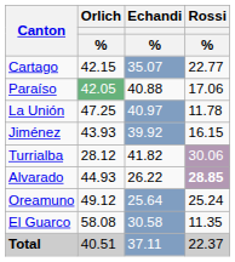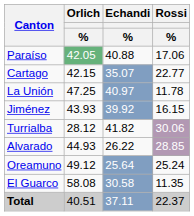 <table class="wikitable mw-collapsible mw-collapsed">
 <tr>
 <th rowspan="3"><a href='#'>Canton</a></th>
 <th colspan="1" width="40px">Orlich</th>
 <th colspan="1" width="40px">Echandi</th>
 <th colspan="1" width="40px">Rossi</th>
 </tr>
 <tr>
 <th style="background:"></th>
 <th style="background:"></th>
 <th style="background:"></th>
 </tr>
 <tr>
 <th data-sort-type="number">%</th>
 <th data-sort-type="number">%</th>
 <th data-sort-type="number">%</th>
 </tr>
 <tr>
+<td align="left"><a href='#'>Paraíso</a></td>
+<td style="background:#66B27B; color:white;">42.05</td>
+<td style="background:">40.88</td>
+<td>17.06</td>
+</tr>
+<tr>
 <td align="left"><a href='#'>Cartago</a></td>
 <td style="background:">42.15</td>
 <td style="background:#809ec1; color:white;">35.07</td>
 <td>22.77</td>
-</tr>
-<tr>
-<td align="left"><a href='#'>Paraíso</a></td>
-<td style="background:#66B27B; color:white;">42.05</td>
-<td style="background:">40.88</td>
-<td>17.06</td>
 </tr>
 <tr>
 <td align="left"><a href='#'>La Unión</a></td>
 <td style="background:">47.25</td>
 <td style="background:#809ec1; color:white;">40.97</td>
 <td>11.78</td>
 </tr>
 <tr>
 <td align="left"><a href='#'>Jiménez</a></td>
 <td style="background:">43.93</td>
 <td style="background:#809ec1; color:white;">39.92</td>
 <td>16.15</td>
 </tr>
 <tr>
 <td align="left"><a href='#'>Turrialba</a></td>
 <td>28.12</td>
 <td style="background:">41.82</td>
 <td style="background:#b298b3; color:white;">30.06</td>
 </tr>
 <tr>
 <td align="left"><a href='#'>Alvarado</a></td>
 <td style="background:">44.93</td>
 <td>26.22</td>
-<td style="background:#b298b3; color:white;"><strong>28.85</strong></td>
+<td style="background:#b298b3; color:white;">28.85</td>
 </tr>
 <tr>
 <td align="left"><a href='#'>Oreamuno</a></td>
 <td style="background:">49.12</td>
 <td style="background:#809ec1; color:white;">25.64</td>
 <td>25.24</td>
 </tr>
 <tr>
 <td align="left"><a href='#'>El Guarco</a></td>
 <td style="background:">58.08</td>
 <td style="background:#809ec1; color:white;">30.58</td>
 <td>11.35</td>
 </tr>
 <tr style="background:#CDCDCD;">
 <td align="left"><strong>Total</strong></td>
 <td style="background:">40.51</td>
 <td style="background:#809ec1; color:white;">37.11</td>
 <td>22.37</td>
 </tr>
 </table>
